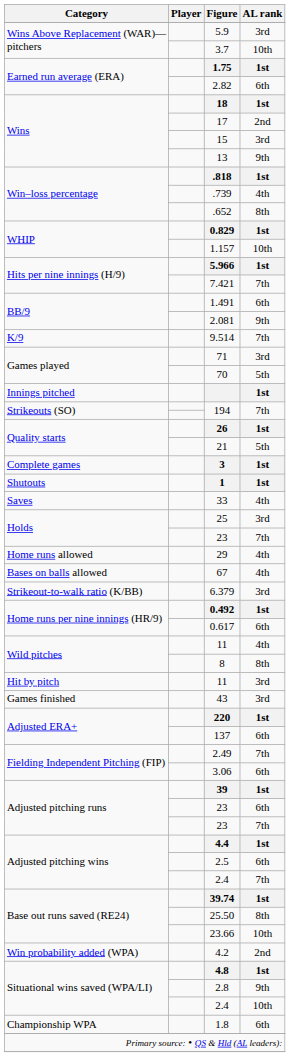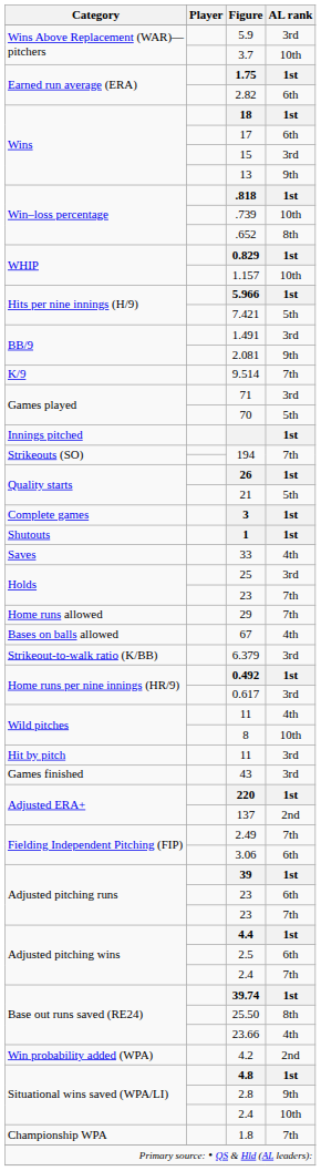 <table class="wikitable sortable" border="1" style="font-size: 90%">
 <tr>
 <th>Category</th>
 <th>Player</th>
 <th>Figure</th>
 <th>AL rank</th>
 </tr>
 <tr>
 </tr>
 <tr>
 <td rowspan="2"><a href='#'>Wins Above Replacement</a> (WAR)—<br>pitchers</td>
 <td></td>
 <td align="center">5.9</td>
 <td align="center">3rd</td>
 </tr>
 <tr>
 <td></td>
 <td align="center">3.7</td>
 <td align="center">10th</td>
 </tr>
 <tr>
 <td rowspan="2"><a href='#'>Earned run average</a> (ERA)</td>
 <td></td>
 <th align="center">1.75</th>
 <th align="center">1st</th>
 </tr>
 <tr>
 <td></td>
 <td align="center">2.82</td>
 <td align="center">6th</td>
 </tr>
 <tr>
 <td rowspan="4"><a href='#'>Wins</a></td>
 <td></td>
 <th align="center">18</th>
 <th align="center">1st</th>
 </tr>
 <tr>
 <td></td>
 <td align="center">17</td>
-<td align="center">2nd</td>
+<td align="center">6th</td>
 </tr>
 <tr>
 <td></td>
 <td align="center">15</td>
 <td align="center">3rd</td>
 </tr>
 <tr>
 <td></td>
 <td align="center">13</td>
 <td align="center">9th</td>
 </tr>
 <tr>
 <td rowspan="3"><a href='#'>Win–loss percentage</a></td>
 <td></td>
 <th align="center">.818</th>
 <th align="center">1st</th>
 </tr>
 <tr>
 <td></td>
 <td align="center">.739</td>
-<td align="center">4th</td>
+<td align="center">10th</td>
 </tr>
 <tr>
 <td></td>
 <td align="center">.652</td>
 <td align="center">8th</td>
 </tr>
 <tr>
 <td rowspan="2"><a href='#'>WHIP</a></td>
 <td></td>
 <th align="center">0.829</th>
 <th align="center">1st</th>
 </tr>
 <tr>
 <td></td>
 <td align="center">1.157</td>
 <td align="center">10th</td>
 </tr>
 <tr>
 <td rowspan="2"><a href='#'>Hits per nine innings</a> (H/9)</td>
 <td></td>
 <th align="center">5.966</th>
 <th align="center">1st</th>
 </tr>
 <tr>
 <td></td>
 <td align="center">7.421</td>
-<td align="center">7th</td>
+<td align="center">5th</td>
 </tr>
 <tr>
 <td rowspan="2"><a href='#'>BB/9</a></td>
 <td></td>
 <td align="center">1.491</td>
-<td align="center">6th</td>
+<td align="center">3rd</td>
 </tr>
 <tr>
 <td></td>
 <td align="center">2.081</td>
 <td align="center">9th</td>
 </tr>
 <tr>
 <td><a href='#'>K/9</a></td>
 <td></td>
 <td align="center">9.514</td>
 <td align="center">7th</td>
 </tr>
 <tr>
 <td rowspan="2">Games played</td>
 <td></td>
 <td align="center">71</td>
 <td align="center">3rd</td>
 </tr>
 <tr>
 <td></td>
 <td align="center">70</td>
 <td align="center">5th</td>
 </tr>
 <tr>
 <td><a href='#'>Innings pitched</a></td>
 <td></td>
 <th align="center"></th>
 <th align="center">1st</th>
 </tr>
 <tr>
 <td rowspan="2"><a href='#'>Strikeouts</a> (SO)</td>
 <td></td>
 <td rowspan="2" align="center">194</td>
 <td rowspan="2" align="center">7th</td>
 </tr>
 <tr>
 <td></td>
 </tr>
 <tr>
 <td rowspan="2"><a href='#'>Quality starts</a></td>
 <td></td>
 <th align="center">26</th>
 <th align="center">1st</th>
 </tr>
 <tr>
 <td></td>
 <td align="center">21</td>
 <td align="center">5th</td>
 </tr>
 <tr>
 <td><a href='#'>Complete games</a></td>
 <td></td>
 <th align="center">3</th>
 <th align="center">1st</th>
 </tr>
 <tr>
 <td><a href='#'>Shutouts</a></td>
 <td></td>
 <th align="center">1</th>
 <th align="center">1st</th>
 </tr>
 <tr>
 <td><a href='#'>Saves</a></td>
 <td></td>
 <td align="center">33</td>
 <td align="center">4th</td>
 </tr>
 <tr>
 <td rowspan="2"><a href='#'>Holds</a></td>
 <td></td>
 <td align="center">25</td>
 <td align="center">3rd</td>
 </tr>
 <tr>
 <td></td>
 <td align="center">23</td>
 <td align="center">7th</td>
 </tr>
 <tr>
 <td><a href='#'>Home runs</a> allowed</td>
 <td></td>
 <td align="center">29</td>
-<td align="center">4th</td>
+<td align="center">7th</td>
 </tr>
 <tr>
 <td><a href='#'>Bases on balls</a> allowed</td>
 <td></td>
 <td align="center">67</td>
 <td align="center">4th</td>
 </tr>
 <tr>
 <td><a href='#'>Strikeout-to-walk ratio</a> (K/BB)</td>
 <td></td>
 <td align="center">6.379</td>
 <td align="center">3rd</td>
 </tr>
 <tr>
 <td rowspan="2"><a href='#'>Home runs per nine innings</a> (HR/9)</td>
 <td></td>
 <th align="center">0.492</th>
 <th align="center">1st</th>
 </tr>
 <tr>
 <td></td>
 <td align="center">0.617</td>
-<td align="center">6th</td>
+<td align="center">3rd</td>
 </tr>
 <tr>
 <td rowspan="2"><a href='#'>Wild pitches</a></td>
 <td></td>
 <td align="center">11</td>
 <td align="center">4th</td>
 </tr>
 <tr>
 <td></td>
 <td align="center">8</td>
-<td align="center">8th</td>
+<td align="center">10th</td>
 </tr>
 <tr>
 <td><a href='#'>Hit by pitch</a></td>
 <td></td>
 <td align="center">11</td>
 <td align="center">3rd</td>
 </tr>
 <tr>
 <td>Games finished</td>
 <td></td>
 <td align="center">43</td>
 <td align="center">3rd</td>
 </tr>
 <tr>
 <td rowspan="2"><a href='#'>Adjusted ERA+</a></td>
 <td></td>
 <th align="center">220</th>
 <th align="center">1st</th>
 </tr>
 <tr>
 <td></td>
 <td align="center">137</td>
-<td align="center">6th</td>
+<td align="center">2nd</td>
 </tr>
 <tr>
 <td rowspan="2"><a href='#'>Fielding Independent Pitching</a> (FIP)</td>
 <td></td>
 <td align="center">2.49</td>
 <td align="center">7th</td>
 </tr>
 <tr>
 <td></td>
 <td align="center">3.06</td>
 <td align="center">6th</td>
 </tr>
 <tr>
 <td rowspan="3">Adjusted pitching runs</td>
 <td></td>
 <th align="center">39</th>
 <th align="center">1st</th>
 </tr>
 <tr>
 <td></td>
 <td align="center">23</td>
 <td align="center">6th</td>
 </tr>
 <tr>
 <td></td>
 <td align="center">23</td>
 <td align="center">7th</td>
 </tr>
 <tr>
 <td rowspan="3">Adjusted pitching wins</td>
 <td></td>
 <th align="center">4.4</th>
 <th align="center">1st</th>
 </tr>
 <tr>
 <td></td>
 <td align="center">2.5</td>
 <td align="center">6th</td>
 </tr>
 <tr>
 <td></td>
 <td align="center">2.4</td>
 <td align="center">7th</td>
 </tr>
 <tr>
 <td rowspan="3">Base out runs saved (RE24)</td>
 <td></td>
 <th align="center">39.74</th>
 <th align="center">1st</th>
 </tr>
 <tr>
 <td></td>
 <td align="center">25.50</td>
 <td align="center">8th</td>
 </tr>
 <tr>
 <td></td>
 <td align="center">23.66</td>
-<td align="center">10th</td>
+<td align="center">4th</td>
 </tr>
 <tr>
 <td><a href='#'>Win probability added</a> (WPA)</td>
 <td></td>
 <td align="center">4.2</td>
 <td align="center">2nd</td>
 </tr>
 <tr>
 <td rowspan="3">Situational wins saved (WPA/LI)</td>
 <td></td>
 <th align="center">4.8</th>
 <th align="center">1st</th>
 </tr>
 <tr>
 <td></td>
 <td align="center">2.8</td>
 <td align="center">9th</td>
 </tr>
 <tr>
 <td></td>
 <td align="center">2.4</td>
 <td align="center">10th</td>
 </tr>
 <tr>
 <td>Championship WPA</td>
 <td></td>
 <td align="center">1.8</td>
-<td align="center">6th</td>
+<td align="center">7th</td>
 </tr>
 <tr>
 </tr>
 <tr class="sortbottom">
 <td colspan="4;" align="right"><small><em>Primary source:</em></small> • <small><em><a href='#'>QS</a> & <a href='#'>Hld</a> (<a href='#'>AL</a> leaders):</em></small></td>
 </tr>
 <tr>
 </tr>
 </table>
